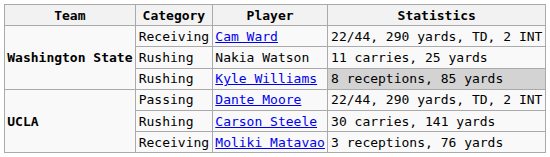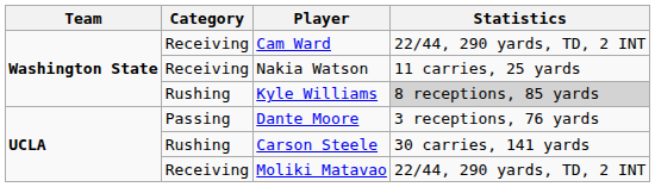 <table class="wikitable" style="float: right;">
 <tr>
 <th>Team</th>
 <th>Category</th>
 <th>Player</th>
 <th>Statistics</th>
 </tr>
 <tr>
 <td rowspan=3><strong>Washington State</strong></td>
 <td>Receiving</td>
 <td><a href='#'>Cam Ward</a></td>
 <td>22/44, 290 yards, TD, 2 INT</td>
 </tr>
 <tr>
-<td>Rushing</td>
+<td>Receiving</td>
 <td>Nakia Watson</td>
 <td>11 carries, 25 yards</td>
 </tr>
 <tr>
 <td>Rushing</td>
 <td><a href='#'>Kyle Williams</a></td>
 <td style="background: lightgrey;">8 receptions, 85 yards</td>
 </tr>
 <tr>
 <td rowspan=3><strong>UCLA</strong></td>
 <td>Passing</td>
 <td><a href='#'>Dante Moore</a></td>
-<td>22/44, 290 yards, TD, 2 INT</td>
+<td>3 receptions, 76 yards</td>
 </tr>
 <tr>
 <td>Rushing</td>
 <td><a href='#'>Carson Steele</a></td>
 <td>30 carries, 141 yards</td>
 </tr>
 <tr>
 <td>Receiving</td>
 <td><a href='#'>Moliki Matavao</a></td>
-<td>3 receptions, 76 yards</td>
+<td>22/44, 290 yards, TD, 2 INT</td>
 </tr>
 </table>
